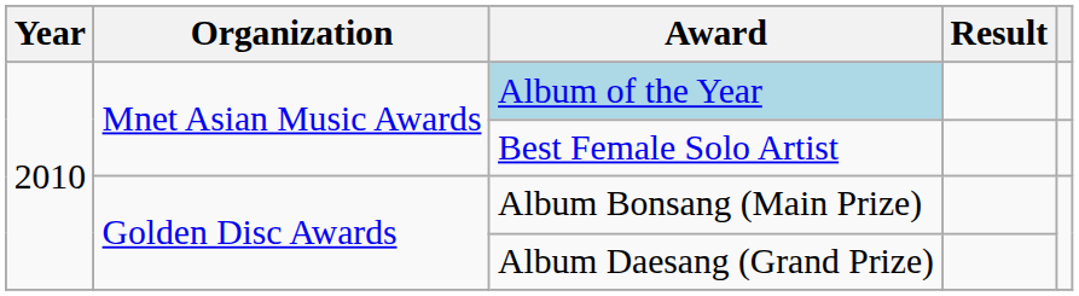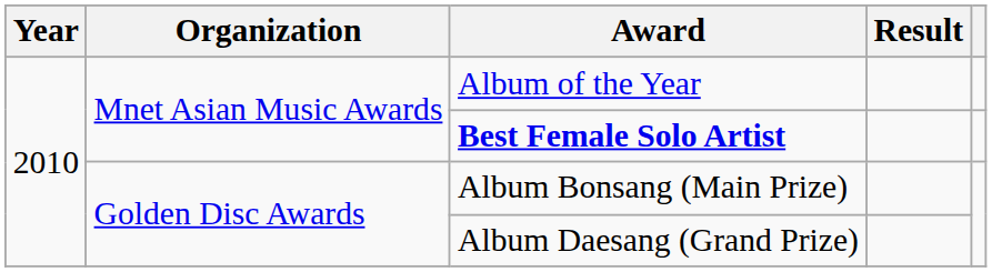 <table class="wikitable plainrowheaders">
 <tr>
 <th scope="col">Year</th>
 <th scope="col">Organization</th>
 <th scope="col">Award</th>
 <th scope="col">Result</th>
 <th class="unsortable"></th>
 </tr>
 <tr>
 <td rowspan="4">2010</td>
 <td rowspan="2"><a href='#'>Mnet Asian Music Awards</a></td>
-<td style="background: lightblue;"><a href='#'>Album of the Year</a></td>
+<td><a href='#'>Album of the Year</a></td>
 <td></td>
 <td align="center"></td>
 </tr>
 <tr>
-<td><a href='#'>Best Female Solo Artist</a></td>
+<td><strong><a href='#'>Best Female Solo Artist</a></strong></td>
 <td></td>
 <td align="center"></td>
 </tr>
 <tr>
 <td rowspan="2"><a href='#'>Golden Disc Awards</a></td>
 <td>Album Bonsang (Main Prize)</td>
 <td></td>
 <td align="center" rowspan="2"></td>
 </tr>
 <tr>
 <td>Album Daesang (Grand Prize)</td>
 <td></td>
 </tr>
 </table>
